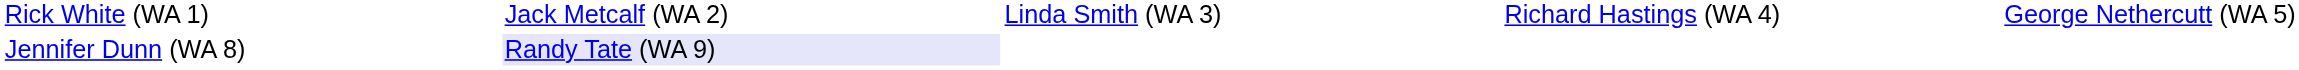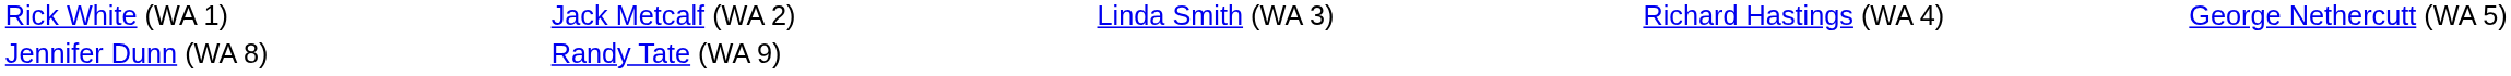 <table width="100%">
 <tr>
 <td width="20%"><a href='#'>Rick White</a> (WA 1)</td>
 <td width="20%"><a href='#'>Jack Metcalf</a> (WA 2)</td>
 <td width="20%"><a href='#'>Linda Smith</a> (WA 3)</td>
 <td width="20%"><a href='#'>Richard Hastings</a> (WA 4)</td>
 <td width="20%"><a href='#'>George Nethercutt</a> (WA 5)</td>
 </tr>
 <tr>
 <td><a href='#'>Jennifer Dunn</a> (WA 8)</td>
-<td style="background: lavender;"><a href='#'>Randy Tate</a> (WA 9)</td>
+<td><a href='#'>Randy Tate</a> (WA 9)</td>
 </tr>
 </table>
